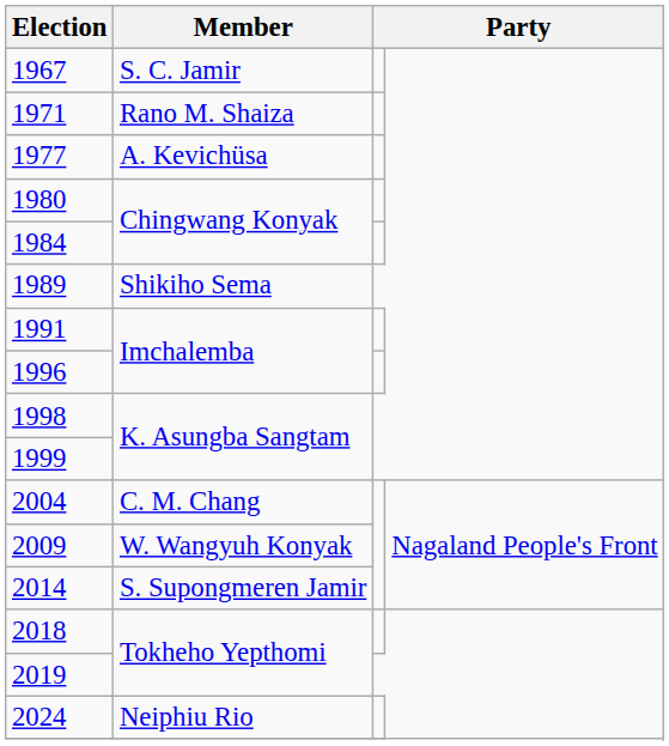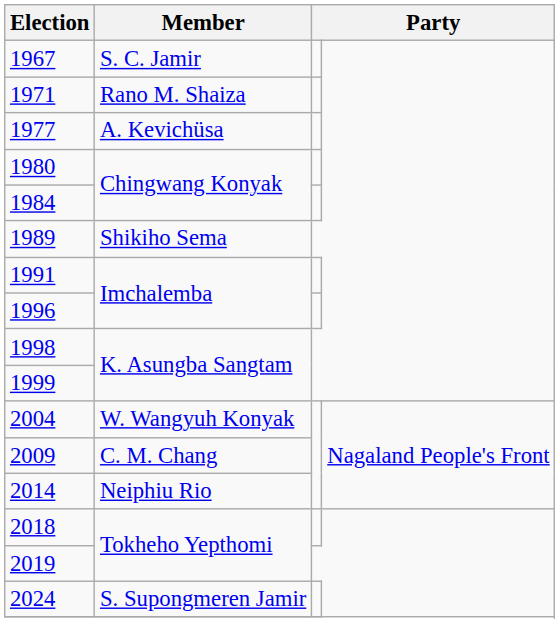 <table class="wikitable sortable">
 <tr>
 <th>Election</th>
 <th>Member</th>
 <th colspan="2">Party</th>
 </tr>
 <tr>
 <td><a href='#'>1967</a></td>
 <td><a href='#'>S. C. Jamir</a></td>
 <td></td>
 </tr>
 <tr>
 <td><a href='#'>1971</a></td>
 <td><a href='#'>Rano M. Shaiza</a></td>
 <td></td>
 </tr>
 <tr>
 <td><a href='#'>1977</a></td>
 <td><a href='#'>A. Kevichüsa</a></td>
 <td></td>
 </tr>
 <tr>
 <td><a href='#'>1980</a></td>
 <td rowspan="2"><a href='#'>Chingwang Konyak</a></td>
 <td></td>
 </tr>
 <tr>
 <td><a href='#'>1984</a></td>
 <td></td>
 </tr>
 <tr>
 <td><a href='#'>1989</a></td>
 <td><a href='#'>Shikiho Sema</a></td>
 </tr>
 <tr>
 <td><a href='#'>1991</a></td>
 <td rowspan="2"><a href='#'>Imchalemba</a></td>
 <td></td>
 </tr>
 <tr>
 <td><a href='#'>1996</a></td>
 <td></td>
 </tr>
 <tr>
 <td><a href='#'>1998</a></td>
 <td rowspan="2"><a href='#'>K. Asungba Sangtam</a></td>
 </tr>
 <tr>
 <td><a href='#'>1999</a></td>
 </tr>
 <tr>
 <td><a href='#'>2004</a></td>
-<td><a href='#'>C. M. Chang</a></td>
+<td><a href='#'>W. Wangyuh Konyak</a></td>
 <td rowspan="3" style="background-color: "></td>
 <td rowspan="3"><a href='#'>Nagaland People's Front</a></td>
 </tr>
 <tr>
 <td><a href='#'>2009</a></td>
-<td><a href='#'>W. Wangyuh Konyak</a></td>
+<td><a href='#'>C. M. Chang</a></td>
 </tr>
 <tr>
 <td><a href='#'>2014</a></td>
-<td><a href='#'>S. Supongmeren Jamir</a></td>
+<td><a href='#'>Neiphiu Rio</a></td>
 </tr>
 <tr>
 <td><a href='#'>2018</a></td>
 <td rowspan="2"><a href='#'>Tokheho Yepthomi</a></td>
 <td></td>
 </tr>
 <tr>
 <td><a href='#'>2019</a></td>
 </tr>
 <tr>
 <td><a href='#'>2024</a></td>
-<td><a href='#'>Neiphiu Rio</a></td>
+<td><a href='#'>S. Supongmeren Jamir</a></td>
 <td></td>
 </tr>
 <tr>
 </tr>
 </table>
